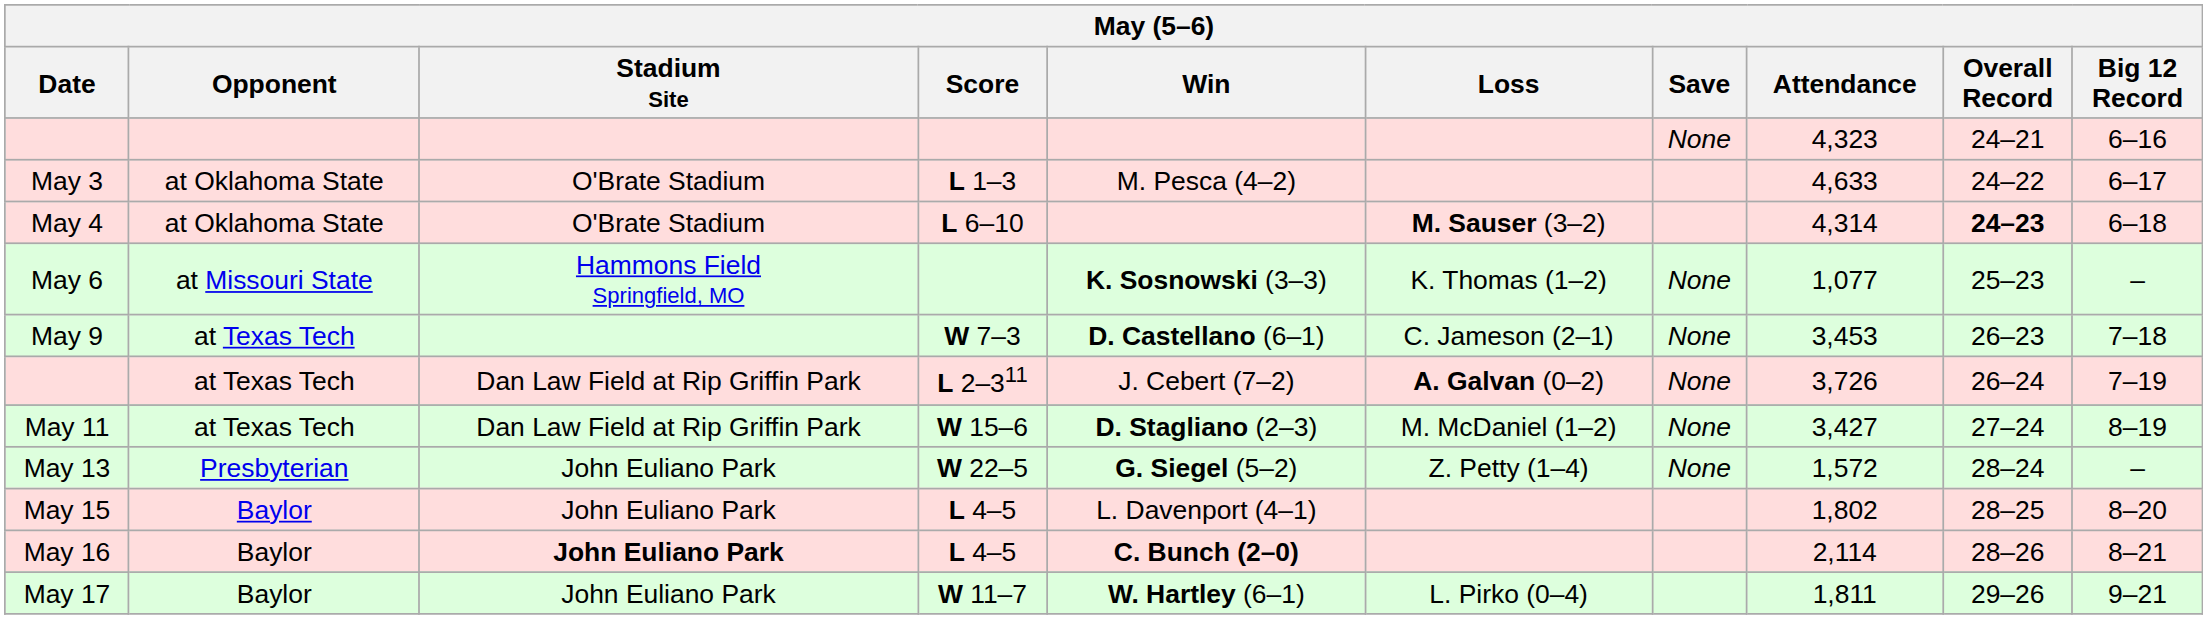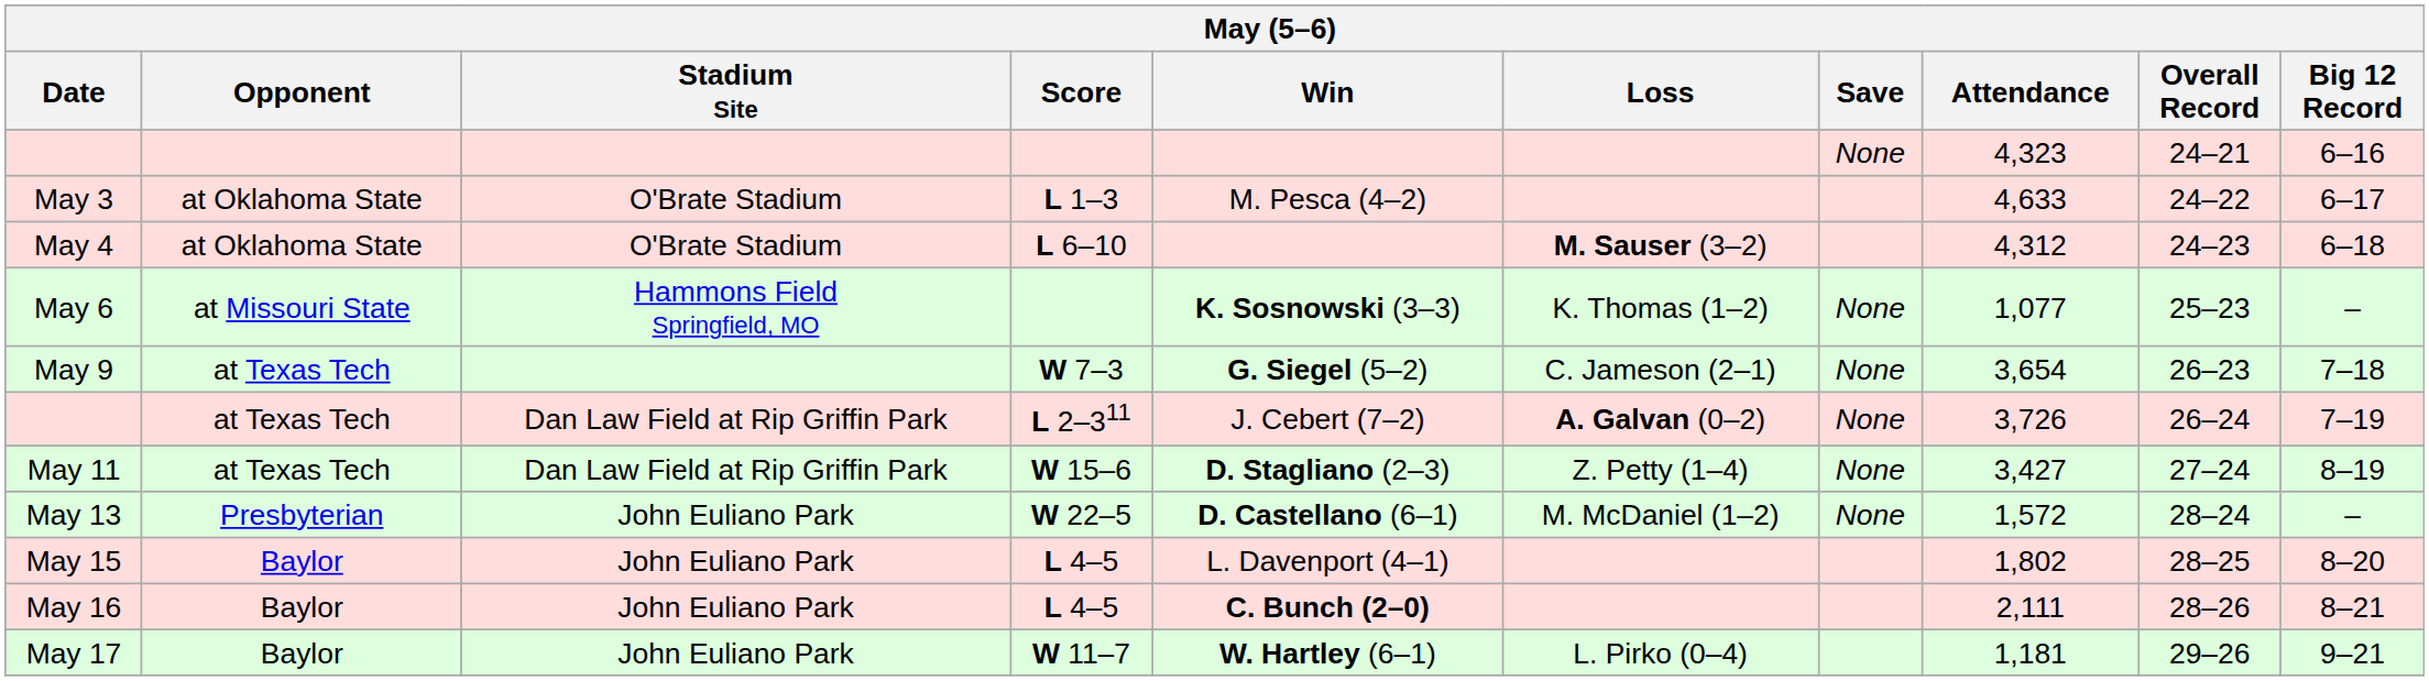 <table class="wikitable collapsible collapsed" style="margin:auto; width:100%; text-align:center; font-size:95%">
 <tr>
 <th colspan=13 style="padding-left:4em;">May (5–6)</th>
 </tr>
 <tr>
 <th>Date</th>
 <th>Opponent</th>
 <th>Stadium<br><small>Site</small></th>
 <th>Score</th>
 <th>Win</th>
 <th>Loss</th>
 <th>Save</th>
 <th>Attendance</th>
 <th>Overall<br>Record</th>
 <th>Big 12<br>Record</th>
 </tr>
 <tr align="center" bgcolor="ffdddd">
 <td></td>
 <td></td>
 <td></td>
 <td></td>
 <td></td>
 <td></td>
 <td><em>None</em></td>
 <td>4,323</td>
 <td>24–21</td>
 <td>6–16</td>
 </tr>
 <tr align="center" bgcolor="ffdddd">
 <td>May 3</td>
 <td>at Oklahoma State</td>
 <td>O'Brate Stadium</td>
 <td><strong>L</strong> 1–3</td>
 <td>M. Pesca (4–2)</td>
 <td></td>
 <td></td>
 <td>4,633</td>
 <td>24–22</td>
 <td>6–17</td>
 </tr>
 <tr align="center" bgcolor="ffdddd">
 <td>May 4</td>
 <td>at Oklahoma State</td>
 <td>O'Brate Stadium</td>
 <td><strong>L</strong> 6–10</td>
 <td></td>
 <td><strong>M. Sauser</strong> (3–2)</td>
 <td></td>
-<td>4,314</td>
-<td><strong>24–23</strong></td>
+<td>4,312</td>
+<td>24–23</td>
 <td>6–18</td>
 </tr>
 <tr align="center" bgcolor="ddffdd">
 <td>May 6</td>
 <td>at <a href='#'>Missouri State</a></td>
 <td><a href='#'>Hammons Field</a><br><small><a href='#'>Springfield, MO</a></small></td>
 <td></td>
 <td><strong>K. Sosnowski</strong> (3–3)</td>
 <td>K. Thomas (1–2)</td>
 <td><em>None</em></td>
 <td>1,077</td>
 <td>25–23</td>
 <td>–</td>
 </tr>
 <tr align="center" bgcolor="ddffdd">
 <td>May 9</td>
 <td>at <a href='#'>Texas Tech</a></td>
 <td></td>
 <td><strong>W</strong> 7–3</td>
-<td><strong>D. Castellano</strong> (6–1)</td>
+<td><strong>G. Siegel</strong> (5–2)</td>
 <td>C. Jameson (2–1)</td>
 <td><em>None</em></td>
-<td>3,453</td>
+<td>3,654</td>
 <td>26–23</td>
 <td>7–18</td>
 </tr>
 <tr align="center" bgcolor="ffdddd">
 <td></td>
 <td>at Texas Tech</td>
 <td>Dan Law Field at Rip Griffin Park</td>
 <td><strong>L</strong> 2–3<sup>11</sup></td>
 <td>J. Cebert (7–2)</td>
 <td><strong>A. Galvan</strong> (0–2)</td>
 <td><em>None</em></td>
 <td>3,726</td>
 <td>26–24</td>
 <td>7–19</td>
 </tr>
 <tr align="center" bgcolor="ddffdd">
 <td>May 11</td>
 <td>at Texas Tech</td>
 <td>Dan Law Field at Rip Griffin Park</td>
 <td><strong>W</strong> 15–6</td>
 <td><strong>D. Stagliano</strong> (2–3)</td>
-<td>M. McDaniel (1–2)</td>
+<td>Z. Petty (1–4)</td>
 <td><em>None</em></td>
 <td>3,427</td>
 <td>27–24</td>
 <td>8–19</td>
 </tr>
 <tr align="center" bgcolor="ddffdd">
 <td>May 13</td>
 <td><a href='#'>Presbyterian</a></td>
 <td>John Euliano Park</td>
 <td><strong>W</strong> 22–5</td>
-<td><strong>G. Siegel</strong> (5–2)</td>
-<td>Z. Petty (1–4)</td>
+<td><strong>D. Castellano</strong> (6–1)</td>
+<td>M. McDaniel (1–2)</td>
 <td><em>None</em></td>
 <td>1,572</td>
 <td>28–24</td>
 <td>–</td>
 </tr>
 <tr align="center" bgcolor="ffdddd">
 <td>May 15</td>
 <td><a href='#'>Baylor</a></td>
 <td>John Euliano Park</td>
 <td><strong>L</strong> 4–5</td>
 <td>L. Davenport (4–1)</td>
 <td></td>
 <td></td>
 <td>1,802</td>
 <td>28–25</td>
 <td>8–20</td>
 </tr>
 <tr align="center" bgcolor="ffdddd">
 <td>May 16</td>
 <td>Baylor</td>
-<td><strong>John Euliano Park</strong></td>
+<td>John Euliano Park</td>
 <td><strong>L</strong> 4–5</td>
 <td><strong>C. Bunch (2–0)</strong></td>
 <td></td>
 <td></td>
-<td>2,114</td>
+<td>2,111</td>
 <td>28–26</td>
 <td>8–21</td>
 </tr>
 <tr align="center" bgcolor="ddffdd">
 <td>May 17</td>
 <td>Baylor</td>
 <td>John Euliano Park</td>
 <td><strong>W</strong> 11–7</td>
 <td><strong>W. Hartley</strong> (6–1)</td>
 <td>L. Pirko (0–4)</td>
 <td></td>
-<td>1,811</td>
+<td>1,181</td>
 <td>29–26</td>
 <td>9–21</td>
 </tr>
 </table>
